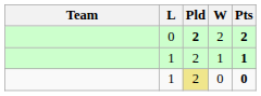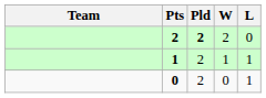 <table class=wikitable style="text-align:center">
 <tr>
 <th width=175>Team</th>
-<th width=20>L</th>
+<th width=20>Pts</th>
 <th width=20>Pld</th>
 <th width=20>W</th>
-<th width=20>Pts</th>
+<th width=20>L</th>
 </tr>
 <tr bgcolor="#ccffcc">
 <td style="text-align:left"></td>
-<td>0</td>
+<td><strong>2</strong></td>
 <td><strong>2</strong></td>
 <td>2</td>
-<td><strong>2</strong></td>
+<td>0</td>
 </tr>
 <tr bgcolor="#ccffcc">
 <td style="text-align:left"></td>
-<td>1</td>
+<td><strong>1</strong></td>
 <td>2</td>
 <td>1</td>
-<td><strong>1</strong></td>
+<td>1</td>
 </tr>
 <tr>
 <td style="text-align:left"></td>
+<td><strong>0</strong></td>
+<td>2</td>
+<td>0</td>
 <td>1</td>
-<td style="background: khaki;">2</td>
-<td>0</td>
-<td><strong>0</strong></td>
 </tr>
 </table>
